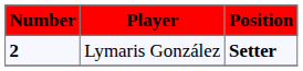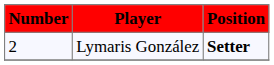 <table bgcolor="#f7f8ff" cellpadding="3" cellspacing="0" border="1" style="font-size: 95%; border: gray solid 1px; border-collapse: collapse;">
 <tr bgcolor="#ff0000">
 <td align=center><strong>Number</strong></td>
 <td align=center><strong>Player</strong></td>
 <td align=center><strong>Position</strong></td>
 </tr>
 <tr align="left">
-<td><strong>2</strong></td>
+<td>2</td>
 <td> Lymaris González</td>
 <td><strong>Setter</strong></td>
 </tr>
 <tr align="left">
 </tr>
 </table>
